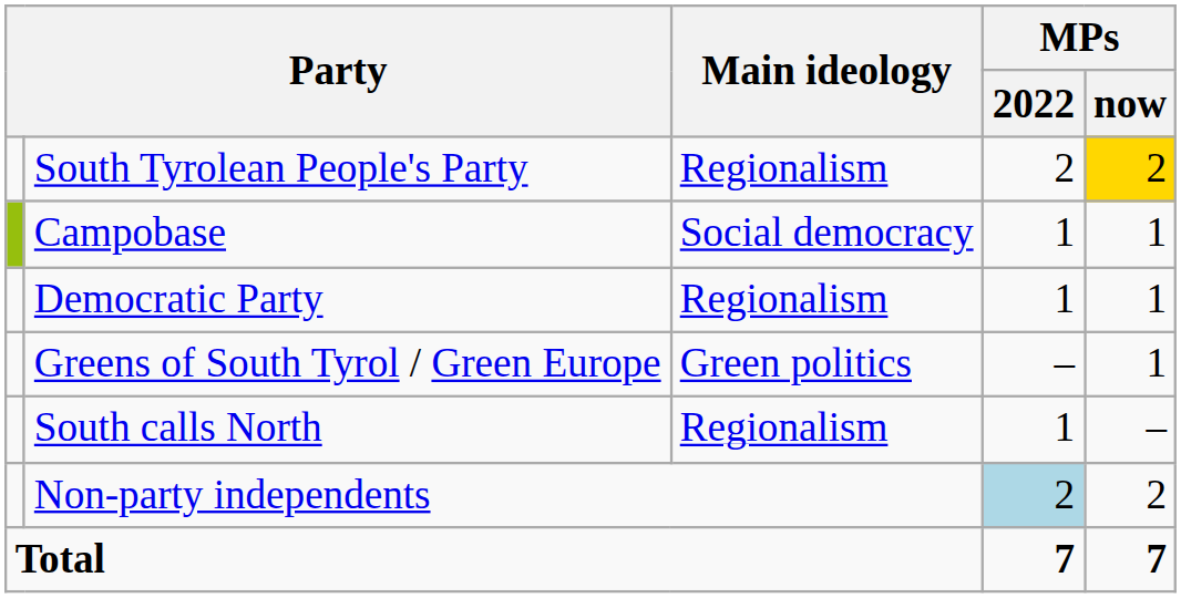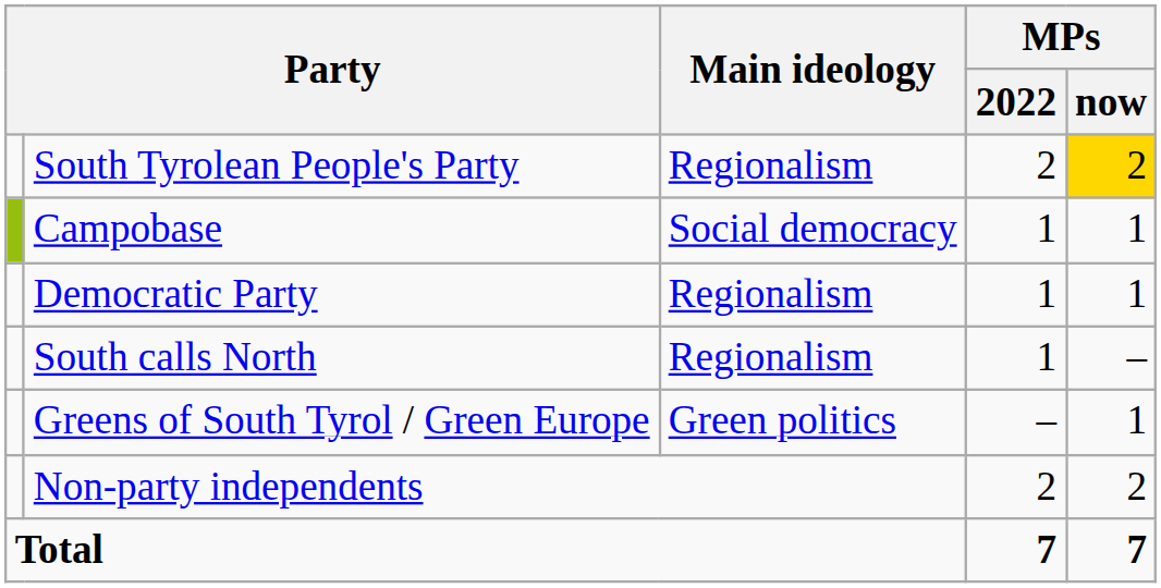 <table class="wikitable" style="font-size:100%">
 <tr>
 <th rowspan=2 colspan=2>Party</th>
 <th rowspan=2>Main ideology</th>
 <th colspan=2>MPs</th>
 </tr>
 <tr>
 <th>2022</th>
 <th>now</th>
 </tr>
 <tr>
 <td></td>
 <td><a href='#'>South Tyrolean People's Party</a></td>
 <td><a href='#'>Regionalism</a></td>
 <td align=right>2</td>
 <td align=right style="background: gold;">2</td>
 </tr>
 <tr>
 <td bgcolor="#96bf0d"></td>
 <td><a href='#'>Campobase</a></td>
 <td><a href='#'>Social democracy</a></td>
 <td align=right>1</td>
 <td align=right>1</td>
 </tr>
 <tr>
 <td></td>
 <td><a href='#'>Democratic Party</a></td>
 <td><a href='#'>Regionalism</a></td>
 <td align=right>1</td>
 <td align=right>1</td>
 </tr>
 <tr>
 <td></td>
+<td><a href='#'>South calls North</a></td>
+<td><a href='#'>Regionalism</a></td>
+<td align=right>1</td>
+<td align=right>–</td>
+</tr>
+<tr>
+<td></td>
 <td><a href='#'>Greens of South Tyrol</a> / <a href='#'>Green Europe</a></td>
 <td><a href='#'>Green politics</a></td>
 <td align=right>–</td>
 <td align=right>1</td>
 </tr>
 <tr>
 <td></td>
-<td><a href='#'>South calls North</a></td>
-<td><a href='#'>Regionalism</a></td>
-<td align=right>1</td>
-<td align=right>–</td>
-</tr>
-<tr>
-<td></td>
 <td colspan=2><a href='#'>Non-party independents</a></td>
-<td align=right style="background: lightblue;">2</td>
+<td align=right>2</td>
 <td align=right>2</td>
 </tr>
 <tr>
 <td colspan=3><strong>Total</strong></td>
 <td align=right><strong>7</strong></td>
 <td align=right><strong>7</strong></td>
 </tr>
 </table>
